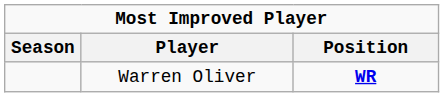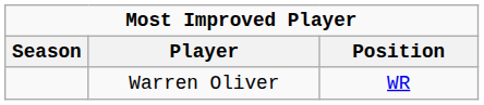 <table class="wikitable sortable" style="text-align:center">
 <tr>
 <td colspan="4"><strong>Most Improved Player</strong></td>
 </tr>
 <tr>
 <th style="width:50px; ">Season</th>
 <th style="width:150px; ">Player</th>
 <th style="width:100px; ">Position</th>
 </tr>
 <tr>
 <td></td>
 <td>Warren Oliver</td>
-<td><strong><a href='#'>WR</a></strong></td>
+<td><a href='#'>WR</a></td>
 </tr>
 </table>
